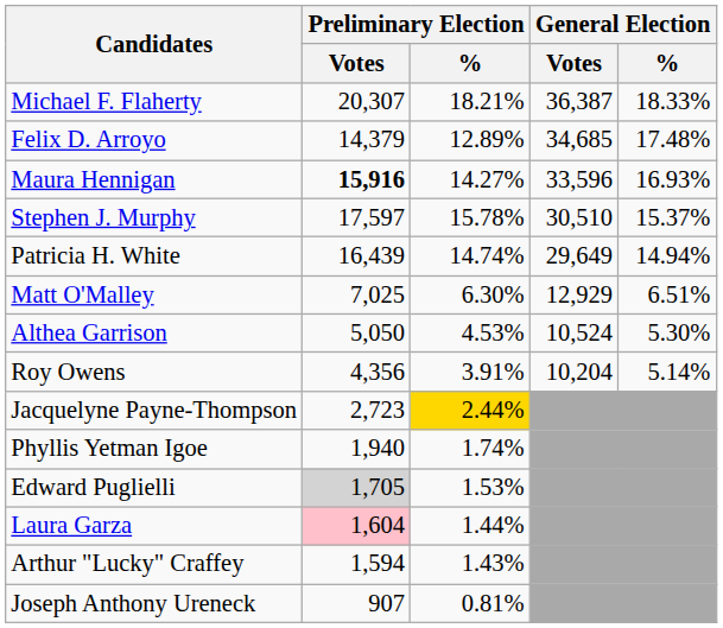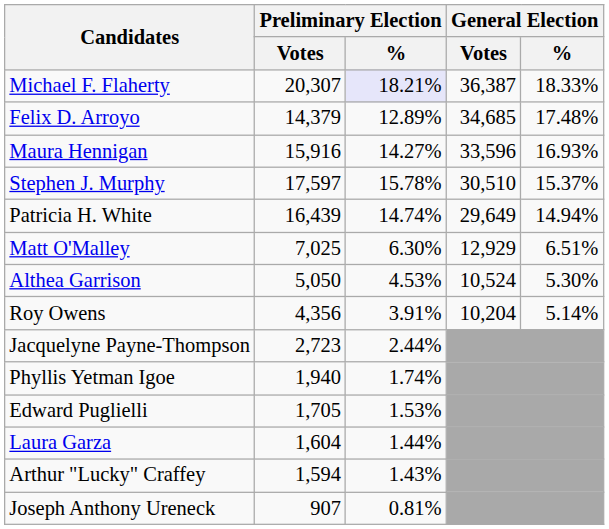 <table class=wikitable>
 <tr>
 <th colspan=1 rowspan=2><strong>Candidates</strong></th>
 <th colspan=2><strong>Preliminary Election</strong></th>
 <th colspan=2><strong>General Election</strong></th>
 </tr>
 <tr>
 <th>Votes</th>
 <th>%</th>
 <th>Votes</th>
 <th>%</th>
 </tr>
 <tr>
 <td><a href='#'>Michael F. Flaherty</a></td>
 <td align="right">20,307</td>
-<td align="right">18.21%</td>
+<td align="right" style="background: lavender;">18.21%</td>
 <td align="right">36,387</td>
 <td align="right">18.33%</td>
 </tr>
 <tr>
 <td><a href='#'>Felix D. Arroyo</a></td>
 <td align="right">14,379</td>
 <td align="right">12.89%</td>
 <td align="right">34,685</td>
 <td align="right">17.48%</td>
 </tr>
 <tr>
 <td><a href='#'>Maura Hennigan</a></td>
-<td align="right"><strong>15,916</strong></td>
+<td align="right">15,916</td>
 <td align="right">14.27%</td>
 <td align="right">33,596</td>
 <td align="right">16.93%</td>
 </tr>
 <tr>
 <td><a href='#'>Stephen J. Murphy</a></td>
 <td align="right">17,597</td>
 <td align="right">15.78%</td>
 <td align="right">30,510</td>
 <td align="right">15.37%</td>
 </tr>
 <tr>
 <td>Patricia H. White</td>
 <td align="right">16,439</td>
 <td align="right">14.74%</td>
 <td align="right">29,649</td>
 <td align="right">14.94%</td>
 </tr>
 <tr>
 <td><a href='#'>Matt O'Malley</a></td>
 <td align="right">7,025</td>
 <td align="right">6.30%</td>
 <td align="right">12,929</td>
 <td align="right">6.51%</td>
 </tr>
 <tr>
 <td><a href='#'>Althea Garrison</a></td>
 <td align="right">5,050</td>
 <td align="right">4.53%</td>
 <td align="right">10,524</td>
 <td align="right">5.30%</td>
 </tr>
 <tr>
 <td>Roy Owens</td>
 <td align="right">4,356</td>
 <td align="right">3.91%</td>
 <td align="right">10,204</td>
 <td align="right">5.14%</td>
 </tr>
 <tr>
 <td>Jacquelyne Payne-Thompson</td>
 <td align="right">2,723</td>
-<td align="right" style="background: gold;">2.44%</td>
+<td align="right">2.44%</td>
 <td colspan=4 bgcolor=darkgray> </td>
 </tr>
 <tr>
 <td>Phyllis Yetman Igoe</td>
 <td align="right">1,940</td>
 <td align="right">1.74%</td>
 <td colspan=4 bgcolor=darkgray> </td>
 </tr>
 <tr>
 <td>Edward Puglielli</td>
-<td align="right" style="background: lightgrey;">1,705</td>
+<td align="right">1,705</td>
 <td align="right">1.53%</td>
 <td colspan=4 bgcolor=darkgray> </td>
 </tr>
 <tr>
 <td><a href='#'>Laura Garza</a></td>
-<td align="right" style="background: pink;">1,604</td>
+<td align="right">1,604</td>
 <td align="right">1.44%</td>
 <td colspan=4 bgcolor=darkgray> </td>
 </tr>
 <tr>
 <td>Arthur "Lucky" Craffey</td>
 <td align="right">1,594</td>
 <td align="right">1.43%</td>
 <td colspan=4 bgcolor=darkgray> </td>
 </tr>
 <tr>
 <td>Joseph Anthony Ureneck</td>
 <td align="right">907</td>
 <td align="right">0.81%</td>
 <td colspan=4 bgcolor=darkgray> </td>
 </tr>
 </table>
